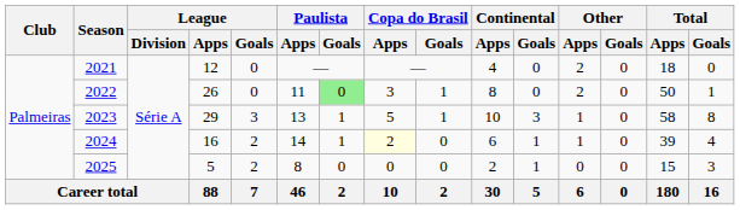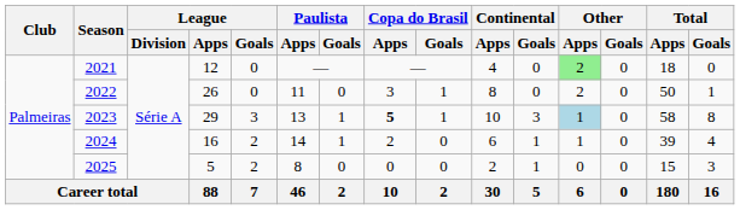 <table class="wikitable" style="text-align: center;">
 <tr>
 <th rowspan="2">Club</th>
 <th rowspan="2">Season</th>
 <th colspan="3">League</th>
 <th colspan="2"><a href='#'>Paulista</a></th>
 <th colspan="2"><a href='#'>Copa do Brasil</a></th>
 <th colspan="2">Continental</th>
 <th colspan="2">Other</th>
 <th colspan="2">Total</th>
 </tr>
 <tr>
 <th>Division</th>
 <th>Apps</th>
 <th>Goals</th>
 <th>Apps</th>
 <th>Goals</th>
 <th>Apps</th>
 <th>Goals</th>
 <th>Apps</th>
 <th>Goals</th>
 <th>Apps</th>
 <th>Goals</th>
 <th>Apps</th>
 <th>Goals</th>
 </tr>
 <tr>
 <td rowspan="5"><a href='#'>Palmeiras</a></td>
 <td><a href='#'>2021</a></td>
 <td rowspan="5"><a href='#'>Série A</a></td>
 <td>12</td>
 <td>0</td>
 <td colspan="2">—</td>
 <td colspan="2">—</td>
 <td>4</td>
 <td>0</td>
-<td>2</td>
+<td style="background: lightgreen;">2</td>
 <td>0</td>
 <td>18</td>
 <td>0</td>
 </tr>
 <tr>
 <td><a href='#'>2022</a></td>
 <td>26</td>
 <td>0</td>
 <td>11</td>
-<td style="background: lightgreen;">0</td>
+<td>0</td>
 <td>3</td>
 <td>1</td>
 <td>8</td>
 <td>0</td>
 <td>2</td>
 <td>0</td>
 <td>50</td>
 <td>1</td>
 </tr>
 <tr>
 <td><a href='#'>2023</a></td>
 <td>29</td>
 <td>3</td>
 <td>13</td>
 <td>1</td>
-<td>5</td>
+<td><strong>5</strong></td>
 <td>1</td>
 <td>10</td>
 <td>3</td>
-<td>1</td>
+<td style="background: lightblue;">1</td>
 <td>0</td>
 <td>58</td>
 <td>8</td>
 </tr>
 <tr>
 <td><a href='#'>2024</a></td>
 <td>16</td>
 <td>2</td>
 <td>14</td>
 <td>1</td>
-<td style="background: lightyellow;">2</td>
+<td>2</td>
 <td>0</td>
 <td>6</td>
 <td>1</td>
 <td>1</td>
 <td>0</td>
 <td>39</td>
 <td>4</td>
 </tr>
 <tr>
 <td><a href='#'>2025</a></td>
 <td>5</td>
 <td>2</td>
 <td>8</td>
 <td>0</td>
 <td>0</td>
 <td>0</td>
 <td>2</td>
 <td>1</td>
 <td>0</td>
 <td>0</td>
 <td>15</td>
 <td>3</td>
 </tr>
 <tr>
 <th colspan="3">Career total</th>
 <th>88</th>
 <th>7</th>
 <th>46</th>
 <th>2</th>
 <th>10</th>
 <th>2</th>
 <th>30</th>
 <th>5</th>
 <th>6</th>
 <th>0</th>
 <th>180</th>
 <th>16</th>
 </tr>
 </table>
